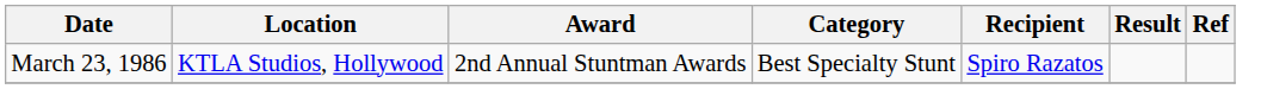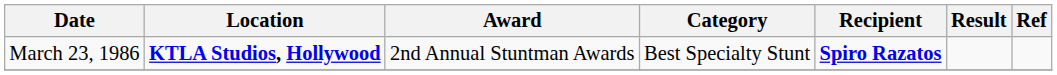 <table class="wikitable">
 <tr>
 <th>Date</th>
 <th>Location</th>
 <th>Award</th>
 <th>Category</th>
 <th>Recipient</th>
 <th>Result</th>
 <th>Ref</th>
 </tr>
 <tr>
 <td>March 23, 1986</td>
-<td><a href='#'>KTLA Studios</a>, <a href='#'>Hollywood</a></td>
+<td><strong><a href='#'>KTLA Studios</a>, <a href='#'>Hollywood</a></strong></td>
 <td>2nd Annual Stuntman Awards</td>
 <td>Best Specialty Stunt</td>
-<td><a href='#'>Spiro Razatos</a></td>
+<td><strong><a href='#'>Spiro Razatos</a></strong></td>
 <td></td>
 <td></td>
 </tr>
 <tr>
 </tr>
 </table>
